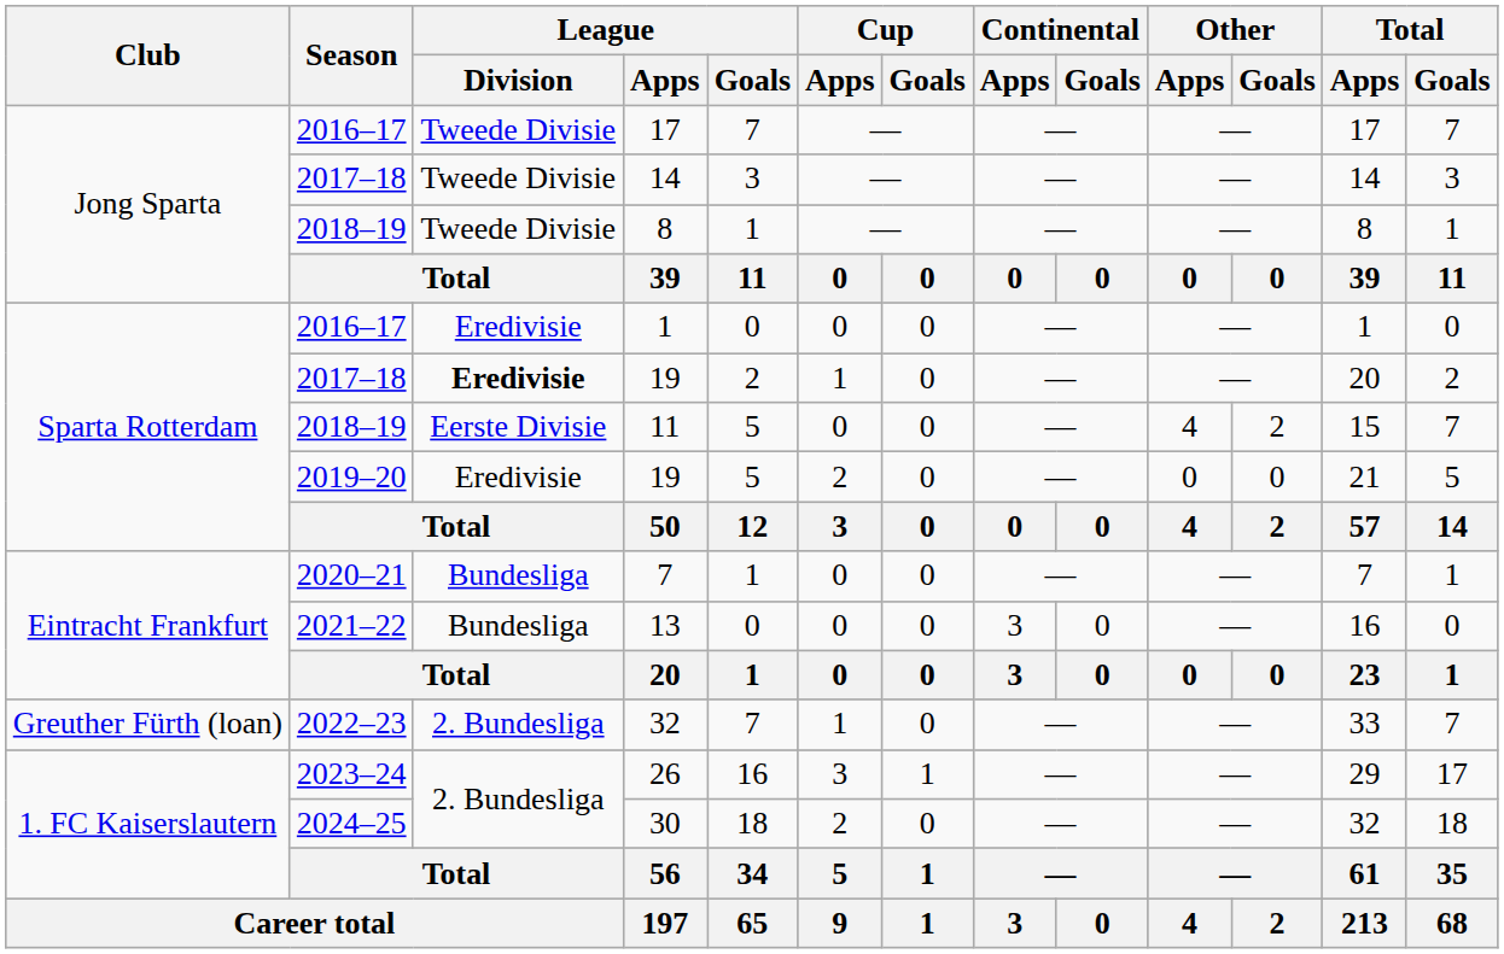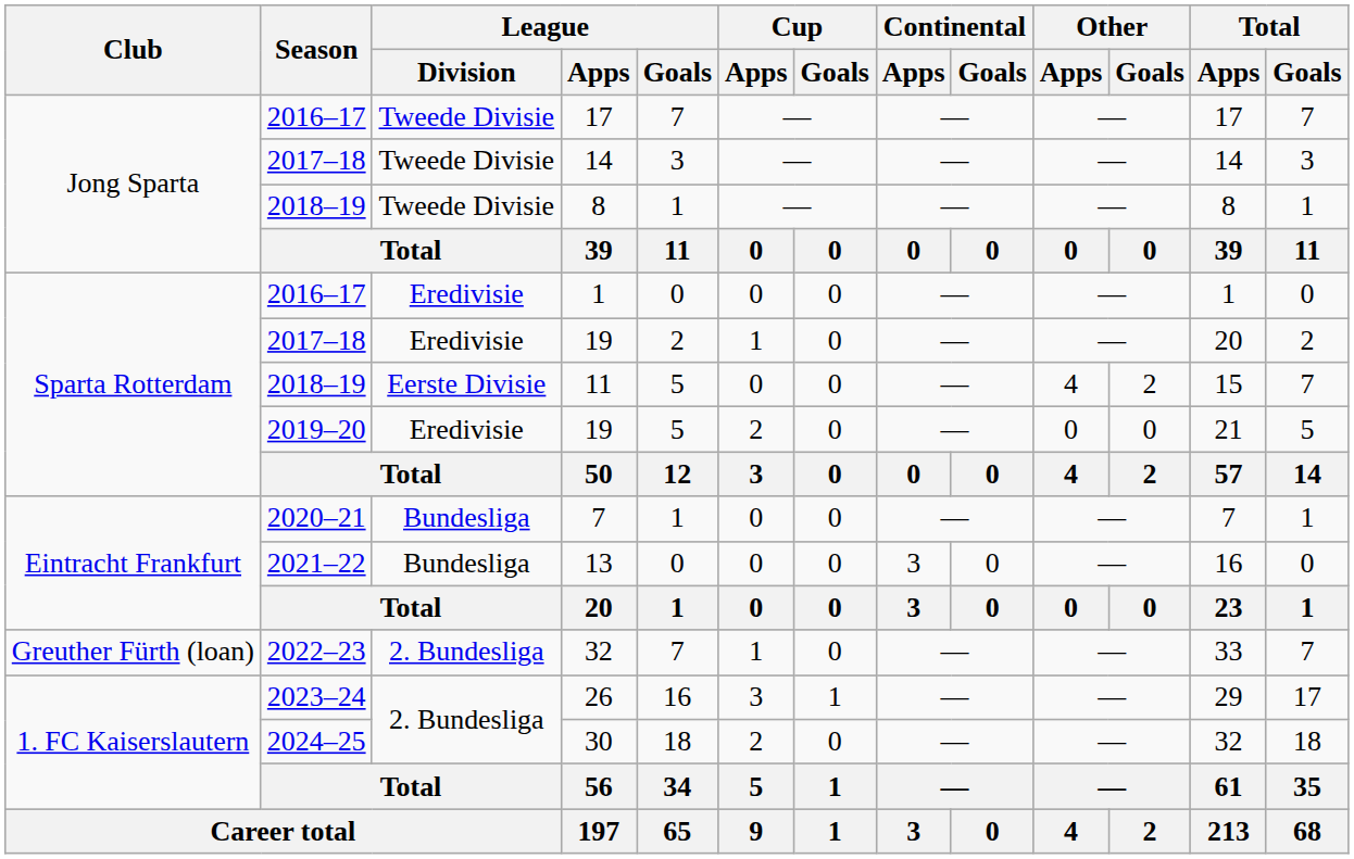 <table class="wikitable" style="text-align:center">
 <tr>
 <th rowspan="2">Club</th>
 <th rowspan="2">Season</th>
 <th colspan="3">League</th>
 <th colspan="2">Cup</th>
 <th colspan="2">Continental</th>
 <th colspan="2">Other</th>
 <th colspan="2">Total</th>
 </tr>
 <tr>
 <th>Division</th>
 <th>Apps</th>
 <th>Goals</th>
 <th>Apps</th>
 <th>Goals</th>
 <th>Apps</th>
 <th>Goals</th>
 <th>Apps</th>
 <th>Goals</th>
 <th>Apps</th>
 <th>Goals</th>
 </tr>
 <tr>
 <td rowspan="4">Jong Sparta</td>
 <td><a href='#'>2016–17</a></td>
 <td><a href='#'>Tweede Divisie</a></td>
 <td>17</td>
 <td>7</td>
 <td colspan="2">—</td>
 <td colspan="2">—</td>
 <td colspan="2">—</td>
 <td>17</td>
 <td>7</td>
 </tr>
 <tr>
 <td><a href='#'>2017–18</a></td>
 <td>Tweede Divisie</td>
 <td>14</td>
 <td>3</td>
 <td colspan="2">—</td>
 <td colspan="2">—</td>
 <td colspan="2">—</td>
 <td>14</td>
 <td>3</td>
 </tr>
 <tr>
 <td><a href='#'>2018–19</a></td>
 <td>Tweede Divisie</td>
 <td>8</td>
 <td>1</td>
 <td colspan="2">—</td>
 <td colspan="2">—</td>
 <td colspan="2">—</td>
 <td>8</td>
 <td>1</td>
 </tr>
 <tr>
 <th colspan="2">Total</th>
 <th>39</th>
 <th>11</th>
 <th>0</th>
 <th>0</th>
 <th>0</th>
 <th>0</th>
 <th>0</th>
 <th>0</th>
 <th>39</th>
 <th>11</th>
 </tr>
 <tr>
 <td rowspan="5"><a href='#'>Sparta Rotterdam</a></td>
 <td><a href='#'>2016–17</a></td>
 <td><a href='#'>Eredivisie</a></td>
 <td>1</td>
 <td>0</td>
 <td>0</td>
 <td>0</td>
 <td colspan="2">—</td>
 <td colspan="2">—</td>
 <td>1</td>
 <td>0</td>
 </tr>
 <tr>
 <td><a href='#'>2017–18</a></td>
-<td><strong>Eredivisie</strong></td>
+<td>Eredivisie</td>
 <td>19</td>
 <td>2</td>
 <td>1</td>
 <td>0</td>
 <td colspan="2">—</td>
 <td colspan="2">—</td>
 <td>20</td>
 <td>2</td>
 </tr>
 <tr>
 <td><a href='#'>2018–19</a></td>
 <td><a href='#'>Eerste Divisie</a></td>
 <td>11</td>
 <td>5</td>
 <td>0</td>
 <td>0</td>
 <td colspan="2">—</td>
 <td>4</td>
 <td>2</td>
 <td>15</td>
 <td>7</td>
 </tr>
 <tr>
 <td><a href='#'>2019–20</a></td>
 <td>Eredivisie</td>
 <td>19</td>
 <td>5</td>
 <td>2</td>
 <td>0</td>
 <td colspan="2">—</td>
 <td>0</td>
 <td>0</td>
 <td>21</td>
 <td>5</td>
 </tr>
 <tr>
 <th colspan="2">Total</th>
 <th>50</th>
 <th>12</th>
 <th>3</th>
 <th>0</th>
 <th>0</th>
 <th>0</th>
 <th>4</th>
 <th>2</th>
 <th>57</th>
 <th>14</th>
 </tr>
 <tr>
 <td rowspan="3"><a href='#'>Eintracht Frankfurt</a></td>
 <td><a href='#'>2020–21</a></td>
 <td><a href='#'>Bundesliga</a></td>
 <td>7</td>
 <td>1</td>
 <td>0</td>
 <td>0</td>
 <td colspan="2">—</td>
 <td colspan="2">—</td>
 <td>7</td>
 <td>1</td>
 </tr>
 <tr>
 <td><a href='#'>2021–22</a></td>
 <td>Bundesliga</td>
 <td>13</td>
 <td>0</td>
 <td>0</td>
 <td>0</td>
 <td>3</td>
 <td>0</td>
 <td colspan="2">—</td>
 <td>16</td>
 <td>0</td>
 </tr>
 <tr>
 <th colspan="2">Total</th>
 <th>20</th>
 <th>1</th>
 <th>0</th>
 <th>0</th>
 <th>3</th>
 <th>0</th>
 <th>0</th>
 <th>0</th>
 <th>23</th>
 <th>1</th>
 </tr>
 <tr>
 <td><a href='#'>Greuther Fürth</a> (loan)</td>
 <td><a href='#'>2022–23</a></td>
 <td><a href='#'>2. Bundesliga</a></td>
 <td>32</td>
 <td>7</td>
 <td>1</td>
 <td>0</td>
 <td colspan="2">—</td>
 <td colspan="2">—</td>
 <td>33</td>
 <td>7</td>
 </tr>
 <tr>
 <td rowspan="3"><a href='#'>1. FC Kaiserslautern</a></td>
 <td><a href='#'>2023–24</a></td>
 <td rowspan="2">2. Bundesliga</td>
 <td>26</td>
 <td>16</td>
 <td>3</td>
 <td>1</td>
 <td colspan="2">—</td>
 <td colspan="2">—</td>
 <td>29</td>
 <td>17</td>
 </tr>
 <tr>
 <td><a href='#'>2024–25</a></td>
 <td>30</td>
 <td>18</td>
 <td>2</td>
 <td>0</td>
 <td colspan="2">—</td>
 <td colspan="2">—</td>
 <td>32</td>
 <td>18</td>
 </tr>
 <tr>
 <th colspan="2">Total</th>
 <th>56</th>
 <th>34</th>
 <th>5</th>
 <th>1</th>
 <th colspan="2">—</th>
 <th colspan="2">—</th>
 <th>61</th>
 <th>35</th>
 </tr>
 <tr>
 <th colspan="3">Career total</th>
 <th>197</th>
 <th>65</th>
 <th>9</th>
 <th>1</th>
 <th>3</th>
 <th>0</th>
 <th>4</th>
 <th>2</th>
 <th>213</th>
 <th>68</th>
 </tr>
 </table>
